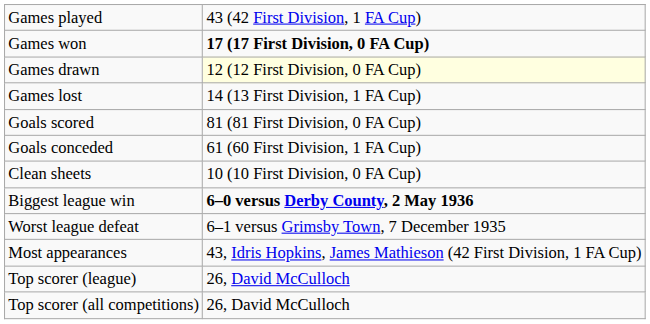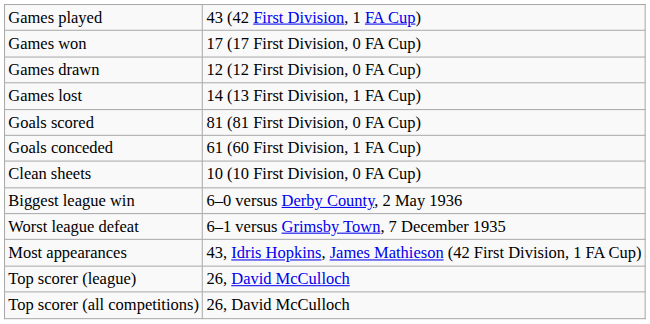 <table class="wikitable">
 <tr>
 <td>Games played</td>
 <td>43 (42 <a href='#'>First Division</a>, 1 <a href='#'>FA Cup</a>)</td>
 </tr>
 <tr>
 <td>Games won</td>
-<td><strong>17 (17 First Division, 0 FA Cup)</strong></td>
+<td>17 (17 First Division, 0 FA Cup)</td>
 </tr>
 <tr>
 <td>Games drawn</td>
-<td style="background: lightyellow;">12 (12 First Division, 0 FA Cup)</td>
+<td>12 (12 First Division, 0 FA Cup)</td>
 </tr>
 <tr>
 <td>Games lost</td>
 <td>14 (13 First Division, 1 FA Cup)</td>
 </tr>
 <tr>
 <td>Goals scored</td>
 <td>81 (81 First Division, 0 FA Cup)</td>
 </tr>
 <tr>
 <td>Goals conceded</td>
 <td>61 (60 First Division, 1 FA Cup)</td>
 </tr>
 <tr>
 <td>Clean sheets</td>
 <td>10 (10 First Division, 0 FA Cup)</td>
 </tr>
 <tr>
 <td>Biggest league win</td>
-<td><strong>6–0 versus <a href='#'>Derby County</a>, 2 May 1936</strong></td>
+<td>6–0 versus <a href='#'>Derby County</a>, 2 May 1936</td>
 </tr>
 <tr>
 <td>Worst league defeat</td>
 <td>6–1 versus <a href='#'>Grimsby Town</a>, 7 December 1935</td>
 </tr>
 <tr>
 <td>Most appearances</td>
 <td>43, <a href='#'>Idris Hopkins</a>, <a href='#'>James Mathieson</a> (42 First Division, 1 FA Cup)</td>
 </tr>
 <tr>
 <td>Top scorer (league)</td>
 <td>26, <a href='#'>David McCulloch</a></td>
 </tr>
 <tr>
 <td>Top scorer (all competitions)</td>
 <td>26, David McCulloch</td>
 </tr>
 </table>
